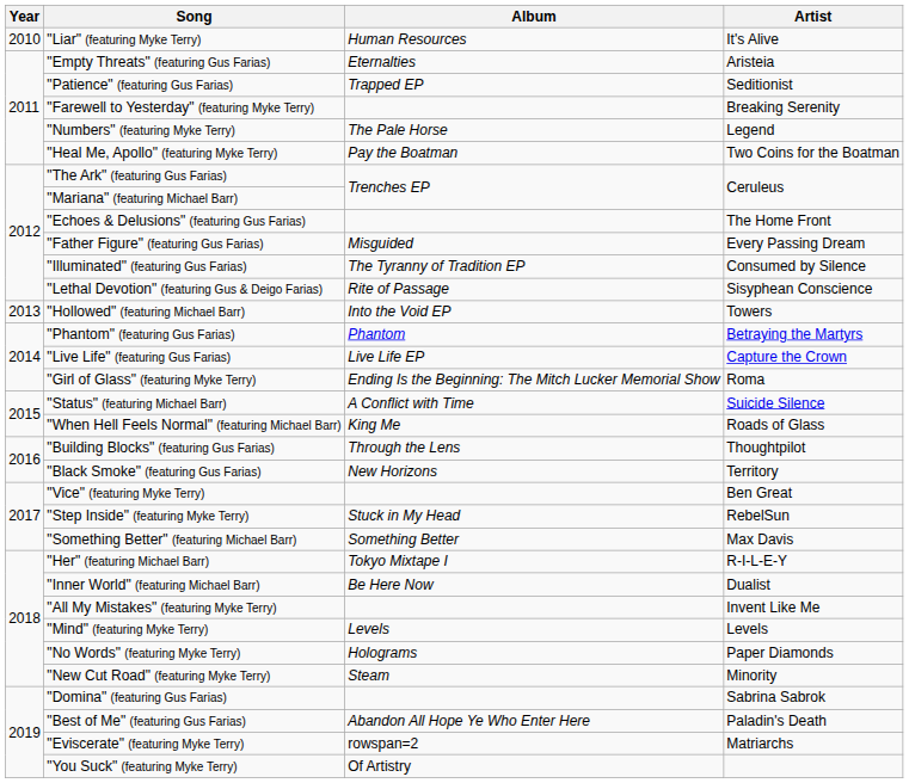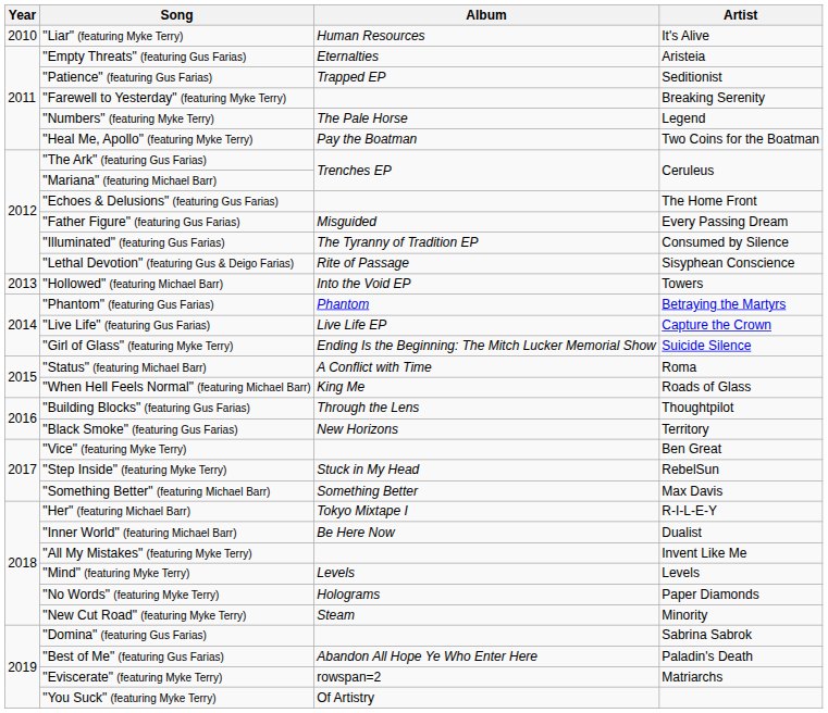 <table class="wikitable">
 <tr>
 <th>Year</th>
 <th>Song</th>
 <th>Album</th>
 <th>Artist</th>
 </tr>
 <tr>
 <td>2010</td>
 <td>"Liar" <small>(featuring Myke Terry)</small></td>
 <td><em>Human Resources</em></td>
 <td>It's Alive</td>
 </tr>
 <tr>
 <td rowspan=5>2011</td>
 <td>"Empty Threats" <small>(featuring Gus Farias)</small></td>
 <td><em>Eternalties</em></td>
 <td>Aristeia</td>
 </tr>
 <tr>
 <td>"Patience" <small>(featuring Gus Farias)</small></td>
 <td><em>Trapped EP</em></td>
 <td>Seditionist</td>
 </tr>
 <tr>
 <td>"Farewell to Yesterday" <small>(featuring Myke Terry)</small></td>
 <td></td>
 <td>Breaking Serenity</td>
 </tr>
 <tr>
 <td>"Numbers" <small>(featuring Myke Terry)</small></td>
 <td><em>The Pale Horse</em></td>
 <td>Legend</td>
 </tr>
 <tr>
 <td>"Heal Me, Apollo" <small>(featuring Myke Terry)</small></td>
 <td><em>Pay the Boatman</em></td>
 <td>Two Coins for the Boatman</td>
 </tr>
 <tr>
 <td rowspan=6>2012</td>
 <td>"The Ark" <small>(featuring Gus Farias)</small></td>
 <td rowspan=2><em>Trenches EP</em></td>
 <td rowspan=2>Ceruleus</td>
 </tr>
 <tr>
 <td>"Mariana" <small>(featuring Michael Barr)</small></td>
 </tr>
 <tr>
 <td>"Echoes & Delusions" <small>(featuring Gus Farias)</small></td>
 <td></td>
 <td>The Home Front</td>
 </tr>
 <tr>
 <td>"Father Figure" <small>(featuring Gus Farias)</small></td>
 <td><em>Misguided</em></td>
 <td>Every Passing Dream</td>
 </tr>
 <tr>
 <td>"Illuminated" <small>(featuring Gus Farias)</small></td>
 <td><em>The Tyranny of Tradition EP</em></td>
 <td>Consumed by Silence</td>
 </tr>
 <tr>
 <td>"Lethal Devotion" <small>(featuring Gus & Deigo Farias)</small></td>
 <td><em>Rite of Passage</em></td>
 <td>Sisyphean Conscience</td>
 </tr>
 <tr>
 <td>2013</td>
 <td>"Hollowed" <small>(featuring Michael Barr)</small></td>
 <td><em>Into the Void EP</em></td>
 <td>Towers</td>
 </tr>
 <tr>
 <td rowspan=3>2014</td>
 <td>"Phantom" <small>(featuring Gus Farias)</small></td>
 <td><em><a href='#'>Phantom</a></em></td>
 <td><a href='#'>Betraying the Martyrs</a></td>
 </tr>
 <tr>
 <td>"Live Life" <small>(featuring Gus Farias)</small></td>
 <td><em>Live Life EP</em></td>
 <td><a href='#'>Capture the Crown</a></td>
 </tr>
 <tr>
 <td>"Girl of Glass" <small>(featuring Myke Terry)</small></td>
 <td><em>Ending Is the Beginning: The Mitch Lucker Memorial Show</em></td>
-<td>Roma</td>
+<td><a href='#'>Suicide Silence</a></td>
 </tr>
 <tr>
 <td rowspan=2>2015</td>
 <td>"Status" <small>(featuring Michael Barr)</small></td>
 <td><em>A Conflict with Time</em></td>
-<td><a href='#'>Suicide Silence</a></td>
+<td>Roma</td>
 </tr>
 <tr>
 <td>"When Hell Feels Normal" <small>(featuring Michael Barr)</small></td>
 <td><em>King Me</em></td>
 <td>Roads of Glass</td>
 </tr>
 <tr>
 <td rowspan=2>2016</td>
 <td>"Building Blocks" <small>(featuring Gus Farias)</small></td>
 <td><em>Through the Lens</em></td>
 <td>Thoughtpilot</td>
 </tr>
 <tr>
 <td>"Black Smoke" <small>(featuring Gus Farias)</small></td>
 <td><em>New Horizons</em></td>
 <td>Territory</td>
 </tr>
 <tr>
 <td rowspan=3>2017</td>
 <td>"Vice" <small>(featuring Myke Terry)</small></td>
 <td></td>
 <td>Ben Great</td>
 </tr>
 <tr>
 <td>"Step Inside" <small>(featuring Myke Terry)</small></td>
 <td><em>Stuck in My Head</em></td>
 <td>RebelSun</td>
 </tr>
 <tr>
 <td>"Something Better" <small>(featuring Michael Barr)</small></td>
 <td><em>Something Better</em></td>
 <td>Max Davis</td>
 </tr>
 <tr>
 <td rowspan=6>2018</td>
 <td>"Her" <small>(featuring Michael Barr)</small></td>
 <td><em>Tokyo Mixtape I</em></td>
 <td>R-I-L-E-Y</td>
 </tr>
 <tr>
 <td>"Inner World" <small>(featuring Michael Barr)</small></td>
 <td><em>Be Here Now</em></td>
 <td>Dualist</td>
 </tr>
 <tr>
 <td>"All My Mistakes" <small>(featuring Myke Terry)</small></td>
 <td></td>
 <td>Invent Like Me</td>
 </tr>
 <tr>
 <td>"Mind" <small>(featuring Myke Terry)</small></td>
 <td><em>Levels</em></td>
 <td>Levels</td>
 </tr>
 <tr>
 <td>"No Words" <small>(featuring Myke Terry)</small></td>
 <td><em>Holograms</em></td>
 <td>Paper Diamonds</td>
 </tr>
 <tr>
 <td>"New Cut Road" <small>(featuring Myke Terry)</small></td>
 <td><em>Steam</em></td>
 <td>Minority</td>
 </tr>
 <tr>
 <td rowspan=4>2019</td>
 <td>"Domina" <small>(featuring Gus Farias)</small></td>
 <td></td>
 <td>Sabrina Sabrok</td>
 </tr>
 <tr>
 <td>"Best of Me" <small>(featuring Gus Farias)</small></td>
 <td><em>Abandon All Hope Ye Who Enter Here</em></td>
 <td>Paladin's Death</td>
 </tr>
 <tr>
 <td>"Eviscerate" <small>(featuring Myke Terry)</small></td>
 <td>rowspan=2 </td>
 <td>Matriarchs</td>
 </tr>
 <tr>
 <td>"You Suck" <small>(featuring Myke Terry)</small></td>
 <td>Of Artistry</td>
 </tr>
 </table>
